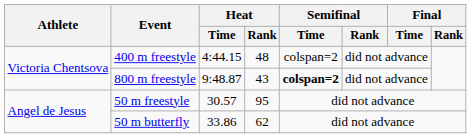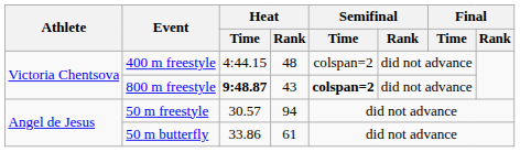 <table class=wikitable style="font-size:90%">
 <tr>
 <th rowspan="2">Athlete</th>
 <th rowspan="2">Event</th>
 <th colspan="2">Heat</th>
 <th colspan="2">Semifinal</th>
 <th colspan="2">Final</th>
 </tr>
 <tr style="font-size:95%">
 <th>Time</th>
 <th>Rank</th>
 <th>Time</th>
 <th>Rank</th>
 <th>Time</th>
 <th>Rank</th>
 </tr>
 <tr align=center>
 <td align=left rowspan=2><a href='#'>Victoria Chentsova</a></td>
 <td align=left><a href='#'>400 m freestyle</a></td>
 <td>4:44.15</td>
 <td>48</td>
 <td>colspan=2 </td>
 <td colspan=2>did not advance</td>
 </tr>
 <tr align=center>
 <td align=left><a href='#'>800 m freestyle</a></td>
-<td>9:48.87</td>
+<td><strong>9:48.87</strong></td>
 <td>43</td>
 <td><strong>colspan=2 </strong></td>
 <td colspan=2>did not advance</td>
 </tr>
 <tr align=center>
 <td align=left rowspan=2><a href='#'>Angel de Jesus</a></td>
 <td align=left><a href='#'>50 m freestyle</a></td>
 <td>30.57</td>
-<td>95</td>
+<td>94</td>
 <td colspan=4>did not advance</td>
 </tr>
 <tr align=center>
 <td align=left><a href='#'>50 m butterfly</a></td>
 <td>33.86</td>
-<td>62</td>
+<td>61</td>
 <td colspan=4>did not advance</td>
 </tr>
 </table>
